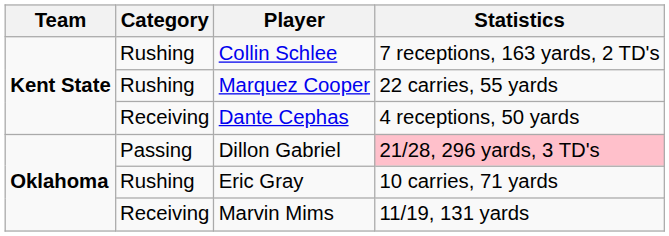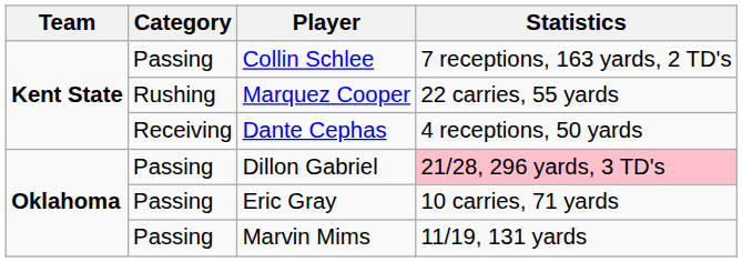 <table class="wikitable" style="float: right;">
 <tr>
 <th>Team</th>
 <th>Category</th>
 <th>Player</th>
 <th>Statistics</th>
 </tr>
 <tr>
 <td rowspan=3><strong>Kent State</strong></td>
-<td>Rushing</td>
+<td>Passing</td>
 <td><a href='#'>Collin Schlee</a></td>
 <td>7 receptions, 163 yards, 2 TD's</td>
 </tr>
 <tr>
 <td>Rushing</td>
 <td><a href='#'>Marquez Cooper</a></td>
 <td>22 carries, 55 yards</td>
 </tr>
 <tr>
 <td>Receiving</td>
 <td><a href='#'>Dante Cephas</a></td>
 <td>4 receptions, 50 yards</td>
 </tr>
 <tr>
 <td rowspan=3><strong>Oklahoma</strong></td>
 <td>Passing</td>
 <td>Dillon Gabriel</td>
 <td style="background: pink;">21/28, 296 yards, 3 TD's</td>
 </tr>
 <tr>
-<td>Rushing</td>
+<td>Passing</td>
 <td>Eric Gray</td>
 <td>10 carries, 71 yards</td>
 </tr>
 <tr>
-<td>Receiving</td>
+<td>Passing</td>
 <td>Marvin Mims</td>
 <td>11/19, 131 yards</td>
 </tr>
 </table>
